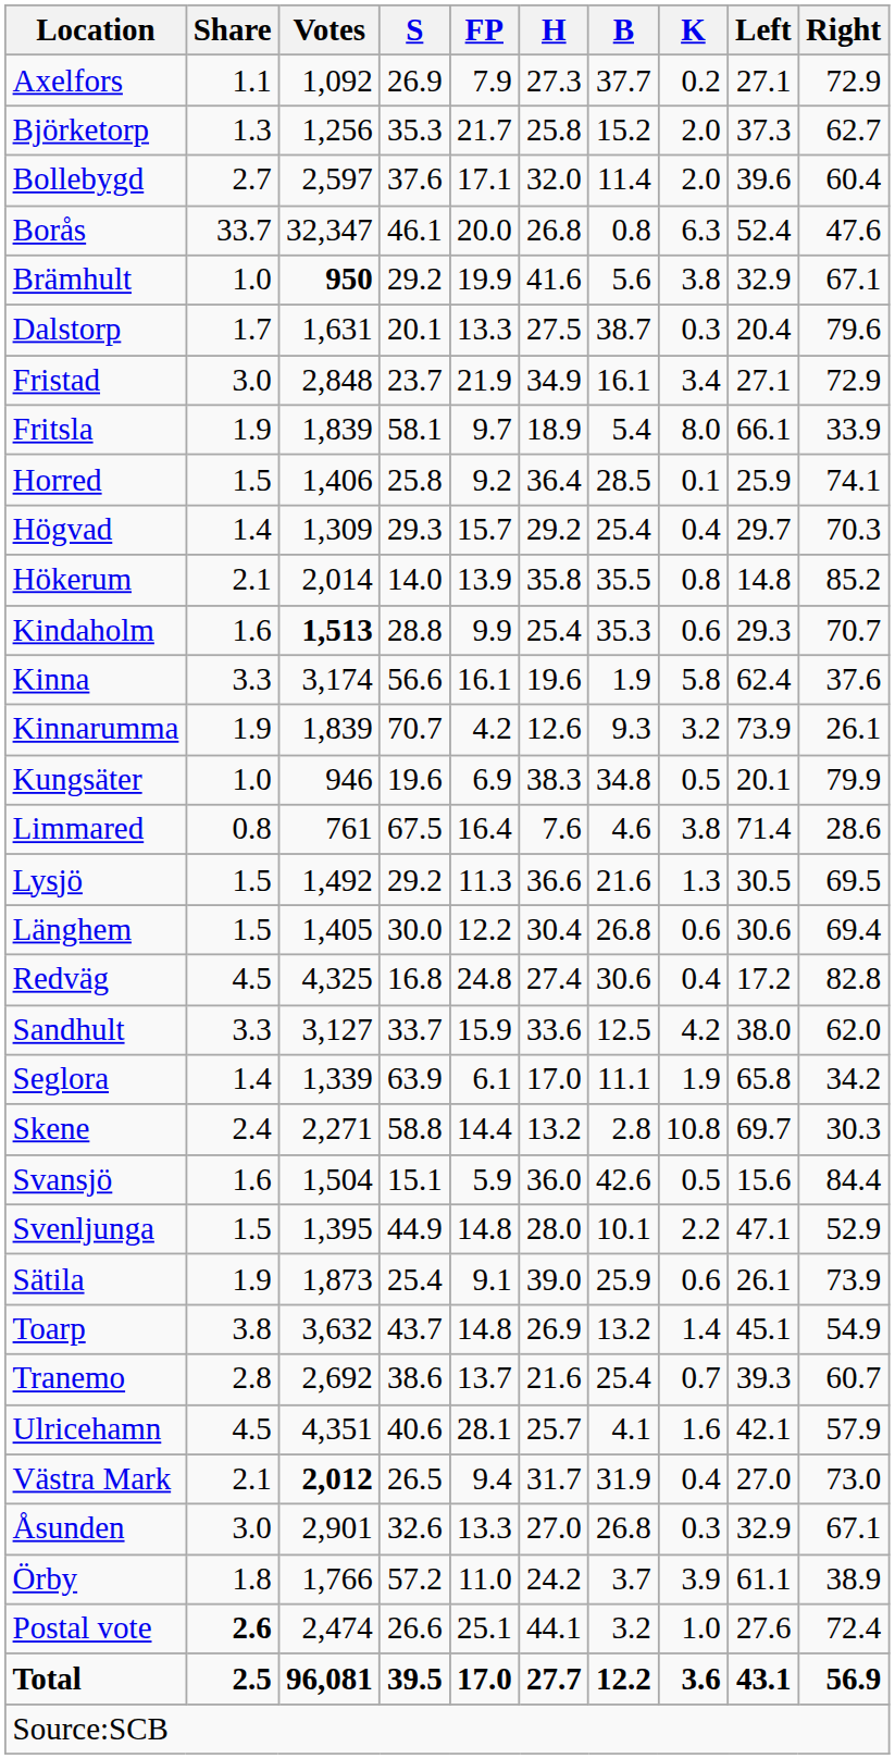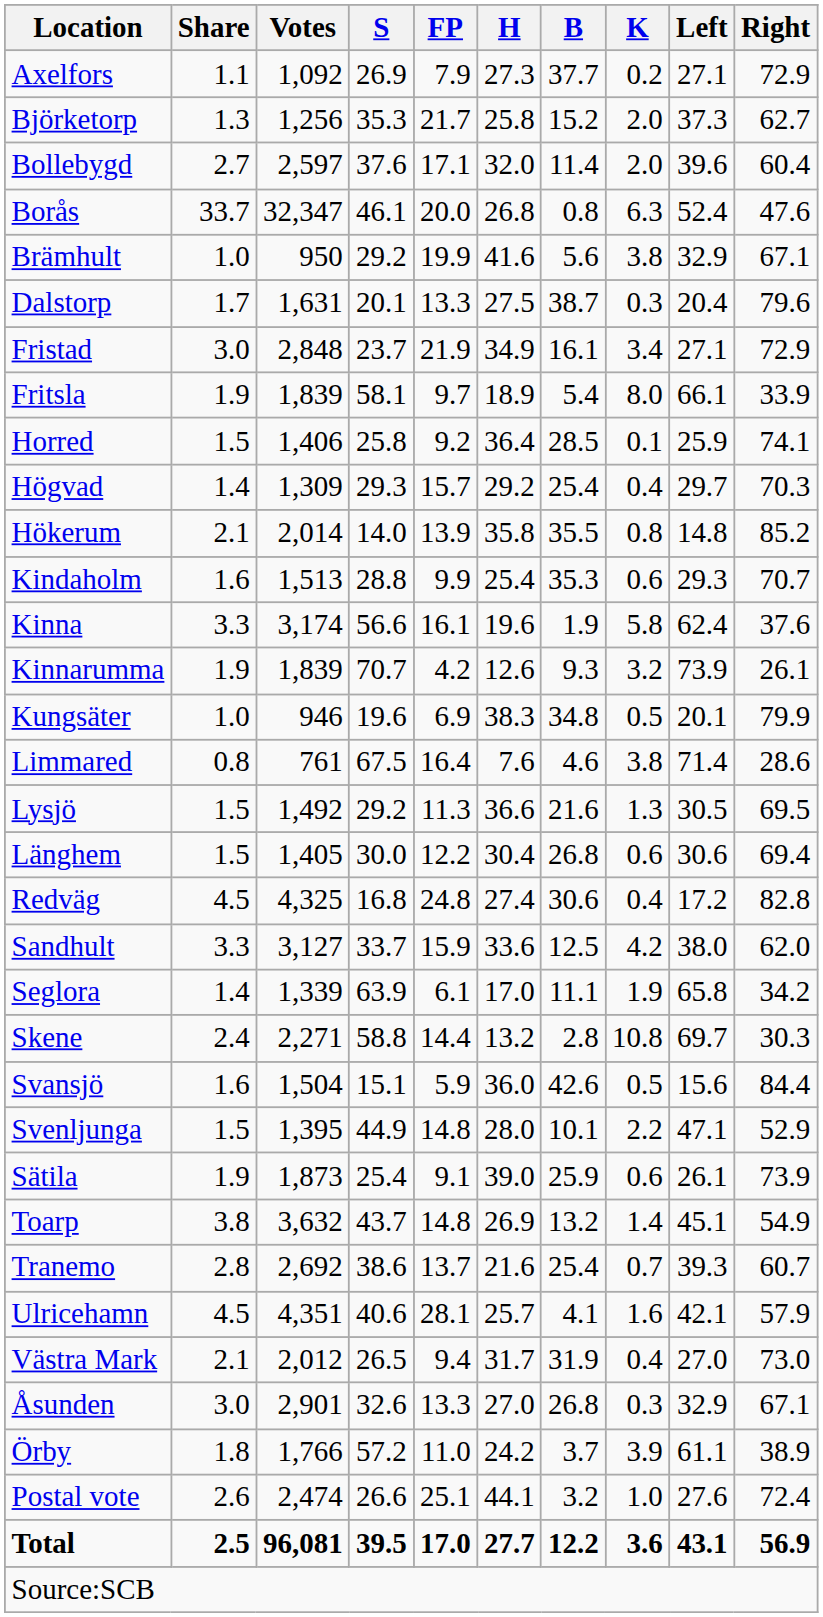 <table class="wikitable sortable" style=text-align:right>
 <tr>
 <th>Location</th>
 <th>Share</th>
 <th>Votes</th>
 <th><a href='#'>S</a></th>
 <th><a href='#'>FP</a></th>
 <th><a href='#'>H</a></th>
 <th><a href='#'>B</a></th>
 <th><a href='#'>K</a></th>
 <th>Left</th>
 <th>Right</th>
 </tr>
 <tr>
 <td align=left><a href='#'>Axelfors</a></td>
 <td>1.1</td>
 <td>1,092</td>
 <td>26.9</td>
 <td>7.9</td>
 <td>27.3</td>
 <td>37.7</td>
 <td>0.2</td>
 <td>27.1</td>
 <td>72.9</td>
 </tr>
 <tr>
 <td align=left><a href='#'>Björketorp</a></td>
 <td>1.3</td>
 <td>1,256</td>
 <td>35.3</td>
 <td>21.7</td>
 <td>25.8</td>
 <td>15.2</td>
 <td>2.0</td>
 <td>37.3</td>
 <td>62.7</td>
 </tr>
 <tr>
 <td align=left><a href='#'>Bollebygd</a></td>
 <td>2.7</td>
 <td>2,597</td>
 <td>37.6</td>
 <td>17.1</td>
 <td>32.0</td>
 <td>11.4</td>
 <td>2.0</td>
 <td>39.6</td>
 <td>60.4</td>
 </tr>
 <tr>
 <td align=left><a href='#'>Borås</a></td>
 <td>33.7</td>
 <td>32,347</td>
 <td>46.1</td>
 <td>20.0</td>
 <td>26.8</td>
 <td>0.8</td>
 <td>6.3</td>
 <td>52.4</td>
 <td>47.6</td>
 </tr>
 <tr>
 <td align=left><a href='#'>Brämhult</a></td>
 <td>1.0</td>
-<td><strong>950</strong></td>
+<td>950</td>
 <td>29.2</td>
 <td>19.9</td>
 <td>41.6</td>
 <td>5.6</td>
 <td>3.8</td>
 <td>32.9</td>
 <td>67.1</td>
 </tr>
 <tr>
 <td align=left><a href='#'>Dalstorp</a></td>
 <td>1.7</td>
 <td>1,631</td>
 <td>20.1</td>
 <td>13.3</td>
 <td>27.5</td>
 <td>38.7</td>
 <td>0.3</td>
 <td>20.4</td>
 <td>79.6</td>
 </tr>
 <tr>
 <td align=left><a href='#'>Fristad</a></td>
 <td>3.0</td>
 <td>2,848</td>
 <td>23.7</td>
 <td>21.9</td>
 <td>34.9</td>
 <td>16.1</td>
 <td>3.4</td>
 <td>27.1</td>
 <td>72.9</td>
 </tr>
 <tr>
 <td align=left><a href='#'>Fritsla</a></td>
 <td>1.9</td>
 <td>1,839</td>
 <td>58.1</td>
 <td>9.7</td>
 <td>18.9</td>
 <td>5.4</td>
 <td>8.0</td>
 <td>66.1</td>
 <td>33.9</td>
 </tr>
 <tr>
 <td align=left><a href='#'>Horred</a></td>
 <td>1.5</td>
 <td>1,406</td>
 <td>25.8</td>
 <td>9.2</td>
 <td>36.4</td>
 <td>28.5</td>
 <td>0.1</td>
 <td>25.9</td>
 <td>74.1</td>
 </tr>
 <tr>
 <td align=left><a href='#'>Högvad</a></td>
 <td>1.4</td>
 <td>1,309</td>
 <td>29.3</td>
 <td>15.7</td>
 <td>29.2</td>
 <td>25.4</td>
 <td>0.4</td>
 <td>29.7</td>
 <td>70.3</td>
 </tr>
 <tr>
 <td align=left><a href='#'>Hökerum</a></td>
 <td>2.1</td>
 <td>2,014</td>
 <td>14.0</td>
 <td>13.9</td>
 <td>35.8</td>
 <td>35.5</td>
 <td>0.8</td>
 <td>14.8</td>
 <td>85.2</td>
 </tr>
 <tr>
 <td align=left><a href='#'>Kindaholm</a></td>
 <td>1.6</td>
-<td><strong>1,513</strong></td>
+<td>1,513</td>
 <td>28.8</td>
 <td>9.9</td>
 <td>25.4</td>
 <td>35.3</td>
 <td>0.6</td>
 <td>29.3</td>
 <td>70.7</td>
 </tr>
 <tr>
 <td align=left><a href='#'>Kinna</a></td>
 <td>3.3</td>
 <td>3,174</td>
 <td>56.6</td>
 <td>16.1</td>
 <td>19.6</td>
 <td>1.9</td>
 <td>5.8</td>
 <td>62.4</td>
 <td>37.6</td>
 </tr>
 <tr>
 <td align=left><a href='#'>Kinnarumma</a></td>
 <td>1.9</td>
 <td>1,839</td>
 <td>70.7</td>
 <td>4.2</td>
 <td>12.6</td>
 <td>9.3</td>
 <td>3.2</td>
 <td>73.9</td>
 <td>26.1</td>
 </tr>
 <tr>
 <td align=left><a href='#'>Kungsäter</a></td>
 <td>1.0</td>
 <td>946</td>
 <td>19.6</td>
 <td>6.9</td>
 <td>38.3</td>
 <td>34.8</td>
 <td>0.5</td>
 <td>20.1</td>
 <td>79.9</td>
 </tr>
 <tr>
 <td align=left><a href='#'>Limmared</a></td>
 <td>0.8</td>
 <td>761</td>
 <td>67.5</td>
 <td>16.4</td>
 <td>7.6</td>
 <td>4.6</td>
 <td>3.8</td>
 <td>71.4</td>
 <td>28.6</td>
 </tr>
 <tr>
 <td align=left><a href='#'>Lysjö</a></td>
 <td>1.5</td>
 <td>1,492</td>
 <td>29.2</td>
 <td>11.3</td>
 <td>36.6</td>
 <td>21.6</td>
 <td>1.3</td>
 <td>30.5</td>
 <td>69.5</td>
 </tr>
 <tr>
 <td align=left><a href='#'>Länghem</a></td>
 <td>1.5</td>
 <td>1,405</td>
 <td>30.0</td>
 <td>12.2</td>
 <td>30.4</td>
 <td>26.8</td>
 <td>0.6</td>
 <td>30.6</td>
 <td>69.4</td>
 </tr>
 <tr>
 <td align=left><a href='#'>Redväg</a></td>
 <td>4.5</td>
 <td>4,325</td>
 <td>16.8</td>
 <td>24.8</td>
 <td>27.4</td>
 <td>30.6</td>
 <td>0.4</td>
 <td>17.2</td>
 <td>82.8</td>
 </tr>
 <tr>
 <td align=left><a href='#'>Sandhult</a></td>
 <td>3.3</td>
 <td>3,127</td>
 <td>33.7</td>
 <td>15.9</td>
 <td>33.6</td>
 <td>12.5</td>
 <td>4.2</td>
 <td>38.0</td>
 <td>62.0</td>
 </tr>
 <tr>
 <td align=left><a href='#'>Seglora</a></td>
 <td>1.4</td>
 <td>1,339</td>
 <td>63.9</td>
 <td>6.1</td>
 <td>17.0</td>
 <td>11.1</td>
 <td>1.9</td>
 <td>65.8</td>
 <td>34.2</td>
 </tr>
 <tr>
 <td align=left><a href='#'>Skene</a></td>
 <td>2.4</td>
 <td>2,271</td>
 <td>58.8</td>
 <td>14.4</td>
 <td>13.2</td>
 <td>2.8</td>
 <td>10.8</td>
 <td>69.7</td>
 <td>30.3</td>
 </tr>
 <tr>
 <td align=left><a href='#'>Svansjö</a></td>
 <td>1.6</td>
 <td>1,504</td>
 <td>15.1</td>
 <td>5.9</td>
 <td>36.0</td>
 <td>42.6</td>
 <td>0.5</td>
 <td>15.6</td>
 <td>84.4</td>
 </tr>
 <tr>
 <td align=left><a href='#'>Svenljunga</a></td>
 <td>1.5</td>
 <td>1,395</td>
 <td>44.9</td>
 <td>14.8</td>
 <td>28.0</td>
 <td>10.1</td>
 <td>2.2</td>
 <td>47.1</td>
 <td>52.9</td>
 </tr>
 <tr>
 <td align=left><a href='#'>Sätila</a></td>
 <td>1.9</td>
 <td>1,873</td>
 <td>25.4</td>
 <td>9.1</td>
 <td>39.0</td>
 <td>25.9</td>
 <td>0.6</td>
 <td>26.1</td>
 <td>73.9</td>
 </tr>
 <tr>
 <td align=left><a href='#'>Toarp</a></td>
 <td>3.8</td>
 <td>3,632</td>
 <td>43.7</td>
 <td>14.8</td>
 <td>26.9</td>
 <td>13.2</td>
 <td>1.4</td>
 <td>45.1</td>
 <td>54.9</td>
 </tr>
 <tr>
 <td align=left><a href='#'>Tranemo</a></td>
 <td>2.8</td>
 <td>2,692</td>
 <td>38.6</td>
 <td>13.7</td>
 <td>21.6</td>
 <td>25.4</td>
 <td>0.7</td>
 <td>39.3</td>
 <td>60.7</td>
 </tr>
 <tr>
 <td align=left><a href='#'>Ulricehamn</a></td>
 <td>4.5</td>
 <td>4,351</td>
 <td>40.6</td>
 <td>28.1</td>
 <td>25.7</td>
 <td>4.1</td>
 <td>1.6</td>
 <td>42.1</td>
 <td>57.9</td>
 </tr>
 <tr>
 <td align=left><a href='#'>Västra Mark</a></td>
 <td>2.1</td>
-<td><strong>2,012</strong></td>
+<td>2,012</td>
 <td>26.5</td>
 <td>9.4</td>
 <td>31.7</td>
 <td>31.9</td>
 <td>0.4</td>
 <td>27.0</td>
 <td>73.0</td>
 </tr>
 <tr>
 <td align=left><a href='#'>Åsunden</a></td>
 <td>3.0</td>
 <td>2,901</td>
 <td>32.6</td>
 <td>13.3</td>
 <td>27.0</td>
 <td>26.8</td>
 <td>0.3</td>
 <td>32.9</td>
 <td>67.1</td>
 </tr>
 <tr>
 <td align=left><a href='#'>Örby</a></td>
 <td>1.8</td>
 <td>1,766</td>
 <td>57.2</td>
 <td>11.0</td>
 <td>24.2</td>
 <td>3.7</td>
 <td>3.9</td>
 <td>61.1</td>
 <td>38.9</td>
 </tr>
 <tr>
 <td align=left><a href='#'>Postal vote</a></td>
-<td><strong>2.6</strong></td>
+<td>2.6</td>
 <td>2,474</td>
 <td>26.6</td>
 <td>25.1</td>
 <td>44.1</td>
 <td>3.2</td>
 <td>1.0</td>
 <td>27.6</td>
 <td>72.4</td>
 </tr>
 <tr>
 <td align=left><strong>Total</strong></td>
 <td><strong>2.5</strong></td>
 <td><strong>96,081</strong></td>
 <td><strong>39.5</strong></td>
 <td><strong>17.0</strong></td>
 <td><strong>27.7</strong></td>
 <td><strong>12.2</strong></td>
 <td><strong>3.6</strong></td>
 <td><strong>43.1</strong></td>
 <td><strong>56.9</strong></td>
 </tr>
 <tr>
 <td align=left colspan=10>Source:SCB </td>
 </tr>
 </table>
